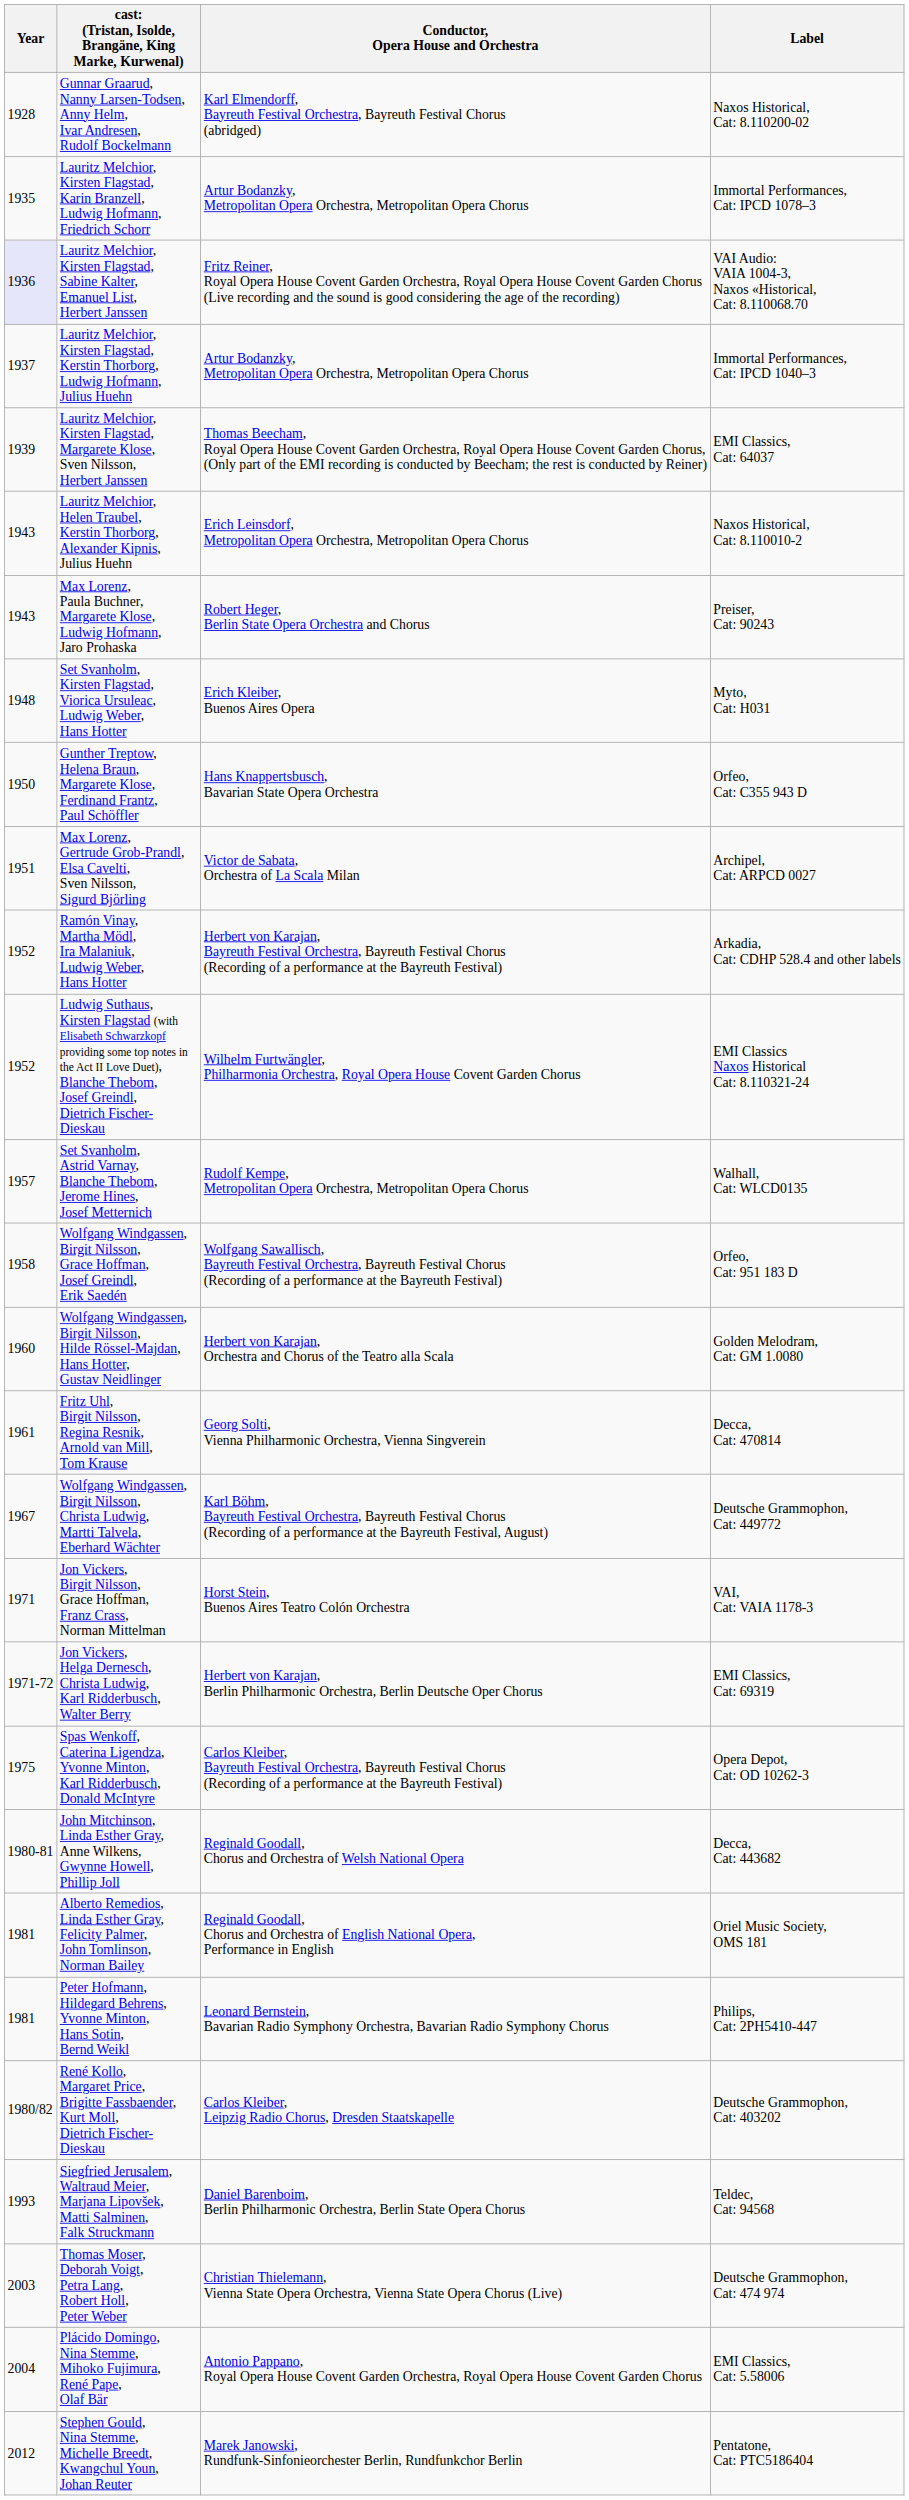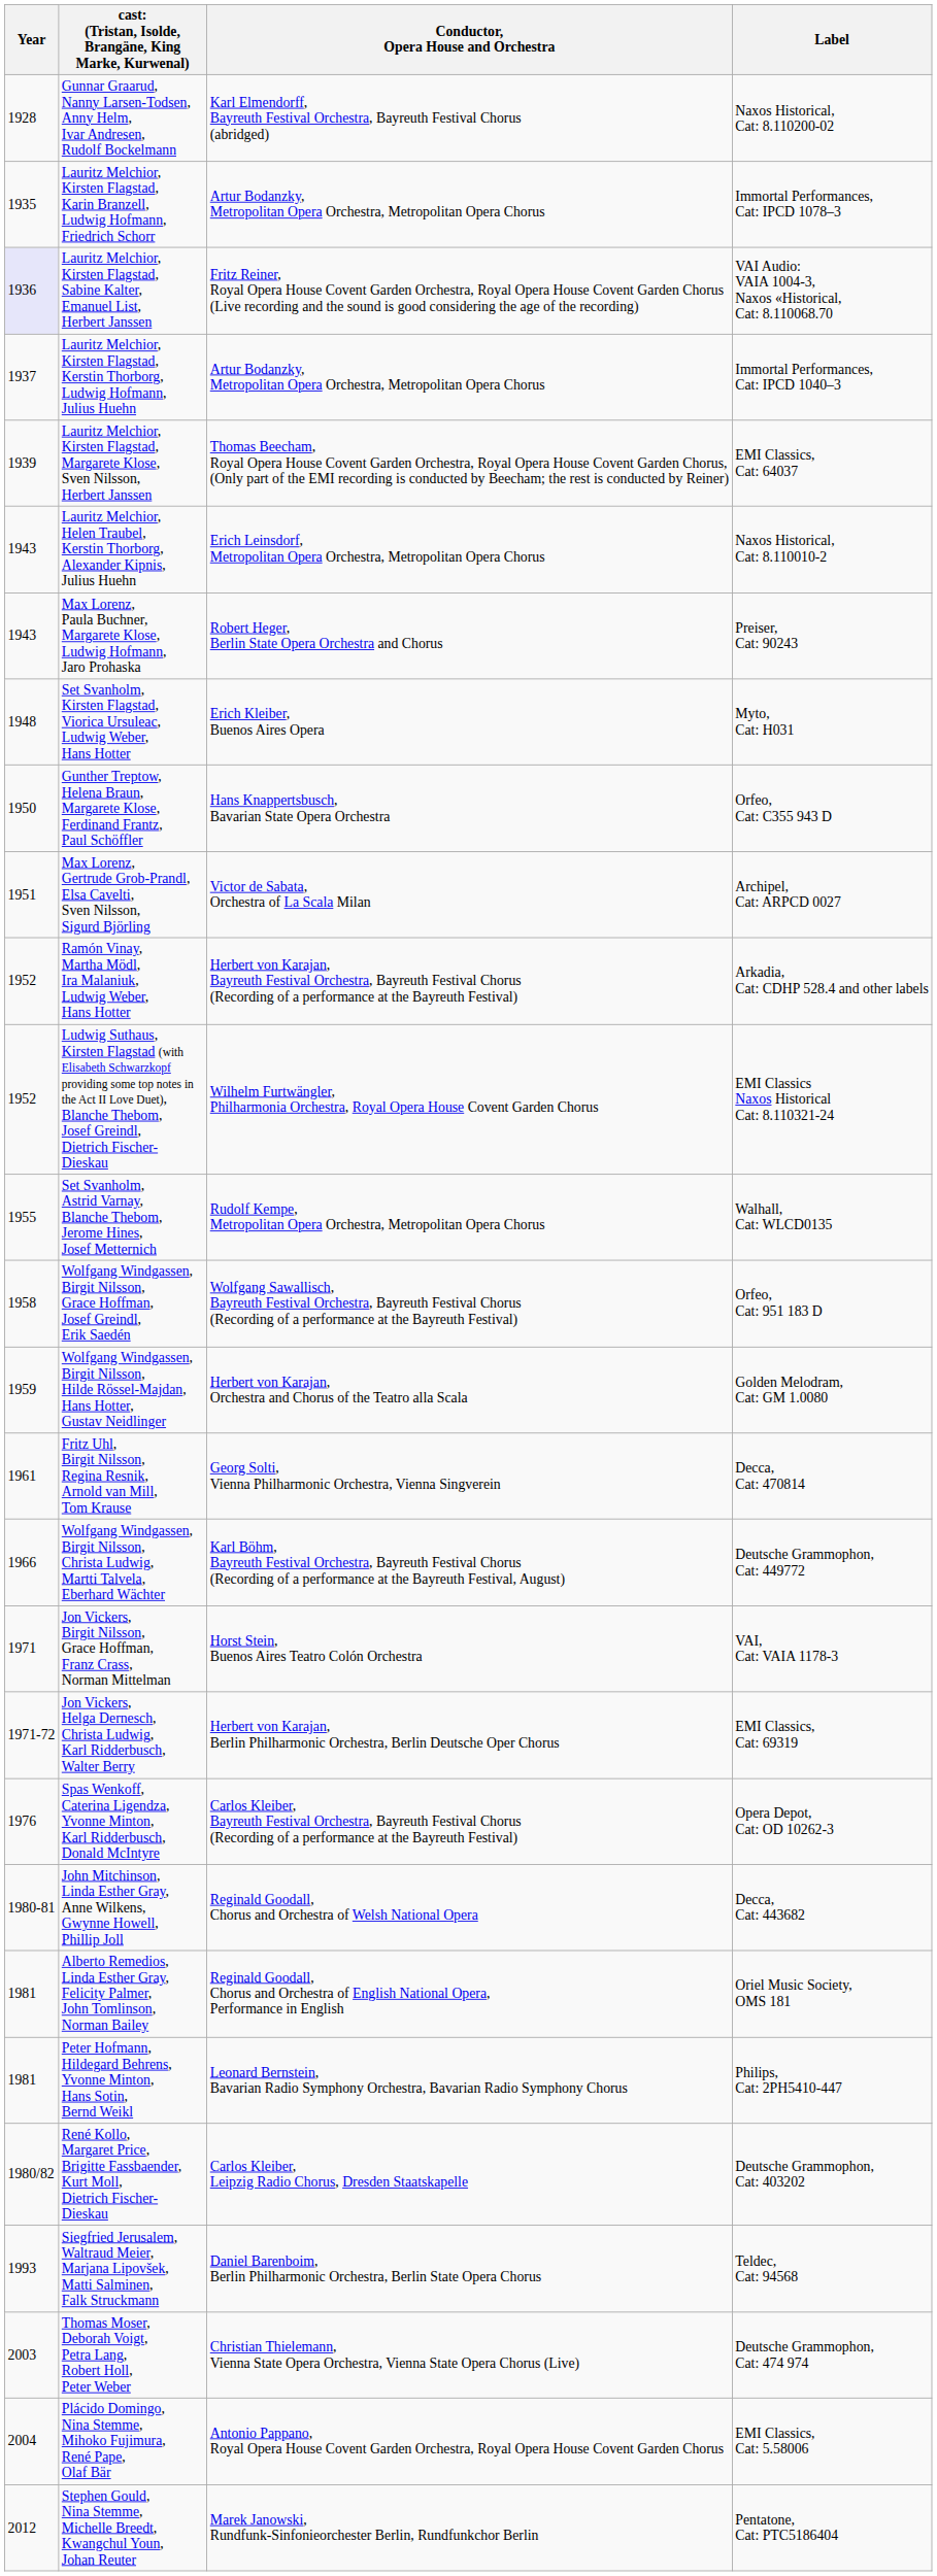 <table class="wikitable">
 <tr>
 <th>Year</th>
 <th width="160">cast:<br>(Tristan, Isolde, Brangäne, King Marke, Kurwenal)</th>
 <th>Conductor,<br>Opera House and Orchestra</th>
 <th>Label</th>
 </tr>
 <tr>
 <td>1928</td>
 <td><a href='#'>Gunnar Graarud</a>,<br><a href='#'>Nanny Larsen-Todsen</a>,<br><a href='#'>Anny Helm</a>,<br><a href='#'>Ivar Andresen</a>,<br><a href='#'>Rudolf Bockelmann</a></td>
 <td><a href='#'>Karl Elmendorff</a>,<br><a href='#'>Bayreuth Festival Orchestra</a>, Bayreuth Festival Chorus<br>(abridged)</td>
 <td>Naxos Historical,<br>Cat: 8.110200-02</td>
 </tr>
 <tr>
 <td>1935</td>
 <td><a href='#'>Lauritz Melchior</a>,<br><a href='#'>Kirsten Flagstad</a>,<br><a href='#'>Karin Branzell</a>,<br><a href='#'>Ludwig Hofmann</a>,<br><a href='#'>Friedrich Schorr</a></td>
 <td><a href='#'>Artur Bodanzky</a>,<br><a href='#'>Metropolitan Opera</a> Orchestra, Metropolitan Opera Chorus</td>
 <td>Immortal Performances,<br>Cat: IPCD 1078–3</td>
 </tr>
 <tr>
 <td style="background: lavender;">1936</td>
 <td><a href='#'>Lauritz Melchior</a>,<br><a href='#'>Kirsten Flagstad</a>,<br><a href='#'>Sabine Kalter</a>,<br><a href='#'>Emanuel List</a>,<br><a href='#'>Herbert Janssen</a></td>
 <td><a href='#'>Fritz Reiner</a>,<br>Royal Opera House Covent Garden Orchestra, Royal Opera House Covent Garden Chorus<br>(Live recording and the sound is good considering the age of the recording)</td>
 <td>VAI Audio:<br>VAIA 1004-3,<br>Naxos «Historical,<br>Cat: 8.110068.70</td>
 </tr>
 <tr>
 <td>1937</td>
 <td><a href='#'>Lauritz Melchior</a>,<br><a href='#'>Kirsten Flagstad</a>,<br><a href='#'>Kerstin Thorborg</a>,<br><a href='#'>Ludwig Hofmann</a>,<br><a href='#'>Julius Huehn</a></td>
 <td><a href='#'>Artur Bodanzky</a>,<br><a href='#'>Metropolitan Opera</a> Orchestra, Metropolitan Opera Chorus</td>
 <td>Immortal Performances,<br>Cat: IPCD 1040–3</td>
 </tr>
 <tr>
 <td>1939</td>
 <td><a href='#'>Lauritz Melchior</a>,<br><a href='#'>Kirsten Flagstad</a>,<br><a href='#'>Margarete Klose</a>,<br>Sven Nilsson,<br><a href='#'>Herbert Janssen</a></td>
 <td><a href='#'>Thomas Beecham</a>,<br>Royal Opera House Covent Garden Orchestra, Royal Opera House Covent Garden Chorus,<br>(Only part of the EMI recording is conducted by Beecham; the rest is conducted by Reiner)</td>
 <td>EMI Classics,<br>Cat: 64037</td>
 </tr>
 <tr>
 <td>1943</td>
 <td><a href='#'>Lauritz Melchior</a>,<br><a href='#'>Helen Traubel</a>,<br><a href='#'>Kerstin Thorborg</a>,<br><a href='#'>Alexander Kipnis</a>,<br>Julius Huehn</td>
 <td><a href='#'>Erich Leinsdorf</a>,<br><a href='#'>Metropolitan Opera</a> Orchestra, Metropolitan Opera Chorus</td>
 <td>Naxos Historical,<br>Cat: 8.110010-2</td>
 </tr>
 <tr>
 <td>1943</td>
 <td><a href='#'>Max Lorenz</a>,<br>Paula Buchner,<br><a href='#'>Margarete Klose</a>,<br><a href='#'>Ludwig Hofmann</a>,<br>Jaro Prohaska</td>
 <td><a href='#'>Robert Heger</a>,<br><a href='#'>Berlin State Opera Orchestra</a> and Chorus</td>
 <td>Preiser,<br>Cat: 90243</td>
 </tr>
 <tr>
 <td>1948</td>
 <td><a href='#'>Set Svanholm</a>,<br><a href='#'>Kirsten Flagstad</a>,<br><a href='#'>Viorica Ursuleac</a>,<br><a href='#'>Ludwig Weber</a>,<br><a href='#'>Hans Hotter</a></td>
 <td><a href='#'>Erich Kleiber</a>,<br>Buenos Aires Opera</td>
 <td>Myto,<br>Cat: H031</td>
 </tr>
 <tr>
 <td>1950</td>
 <td><a href='#'>Gunther Treptow</a>,<br><a href='#'>Helena Braun</a>,<br><a href='#'>Margarete Klose</a>,<br><a href='#'>Ferdinand Frantz</a>,<br><a href='#'>Paul Schöffler</a></td>
 <td><a href='#'>Hans Knappertsbusch</a>,<br>Bavarian State Opera Orchestra</td>
 <td>Orfeo,<br>Cat: C355 943 D</td>
 </tr>
 <tr>
 <td>1951</td>
 <td><a href='#'>Max Lorenz</a>,<br><a href='#'>Gertrude Grob-Prandl</a>,<br><a href='#'>Elsa Cavelti</a>,<br>Sven Nilsson,<br><a href='#'>Sigurd Björling</a></td>
 <td><a href='#'>Victor de Sabata</a>,<br>Orchestra of <a href='#'>La Scala</a> Milan</td>
 <td>Archipel,<br>Cat: ARPCD 0027</td>
 </tr>
 <tr>
 <td>1952</td>
 <td><a href='#'>Ramón Vinay</a>,<br><a href='#'>Martha Mödl</a>,<br><a href='#'>Ira Malaniuk</a>,<br><a href='#'>Ludwig Weber</a>,<br><a href='#'>Hans Hotter</a></td>
 <td><a href='#'>Herbert von Karajan</a>,<br><a href='#'>Bayreuth Festival Orchestra</a>, Bayreuth Festival Chorus<br>(Recording of a performance at the Bayreuth Festival)</td>
 <td>Arkadia,<br>Cat: CDHP 528.4 and other labels</td>
 </tr>
 <tr>
 <td>1952</td>
 <td><a href='#'>Ludwig Suthaus</a>,<br><a href='#'>Kirsten Flagstad</a> <small>(with <a href='#'>Elisabeth Schwarzkopf</a> providing some top notes in the Act II Love Duet)</small>,<br><a href='#'>Blanche Thebom</a>,<br><a href='#'>Josef Greindl</a>,<br><a href='#'>Dietrich Fischer-Dieskau</a></td>
 <td><a href='#'>Wilhelm Furtwängler</a>,<br><a href='#'>Philharmonia Orchestra</a>, <a href='#'>Royal Opera House</a> Covent Garden Chorus</td>
 <td>EMI Classics <br><a href='#'>Naxos</a> Historical<br>Cat: 8.110321-24</td>
 </tr>
 <tr>
-<td>1957</td>
+<td>1955</td>
 <td><a href='#'>Set Svanholm</a>,<br><a href='#'>Astrid Varnay</a>,<br><a href='#'>Blanche Thebom</a>,<br><a href='#'>Jerome Hines</a>,<br><a href='#'>Josef Metternich</a></td>
 <td><a href='#'>Rudolf Kempe</a>,<br><a href='#'>Metropolitan Opera</a> Orchestra, Metropolitan Opera Chorus</td>
 <td>Walhall,<br>Cat: WLCD0135</td>
 </tr>
 <tr>
 <td>1958</td>
 <td><a href='#'>Wolfgang Windgassen</a>,<br><a href='#'>Birgit Nilsson</a>,<br><a href='#'>Grace Hoffman</a>,<br><a href='#'>Josef Greindl</a>,<br><a href='#'>Erik Saedén</a></td>
 <td><a href='#'>Wolfgang Sawallisch</a>,<br><a href='#'>Bayreuth Festival Orchestra</a>, Bayreuth Festival Chorus<br>(Recording of a performance at the Bayreuth Festival)</td>
 <td>Orfeo,<br>Cat: 951 183 D</td>
 </tr>
 <tr>
-<td>1960</td>
+<td>1959</td>
 <td><a href='#'>Wolfgang Windgassen</a>,<br><a href='#'>Birgit Nilsson</a>,<br><a href='#'>Hilde Rössel-Majdan</a>,<br><a href='#'>Hans Hotter</a>,<br><a href='#'>Gustav Neidlinger</a></td>
 <td><a href='#'>Herbert von Karajan</a>,<br>Orchestra and Chorus of the Teatro alla Scala</td>
 <td>Golden Melodram,<br>Cat: GM 1.0080</td>
 </tr>
 <tr>
 <td>1961</td>
 <td><a href='#'>Fritz Uhl</a>,<br><a href='#'>Birgit Nilsson</a>,<br><a href='#'>Regina Resnik</a>,<br><a href='#'>Arnold van Mill</a>,<br><a href='#'>Tom Krause</a></td>
 <td><a href='#'>Georg Solti</a>,<br>Vienna Philharmonic Orchestra, Vienna Singverein</td>
 <td>Decca,<br>Cat: 470814</td>
 </tr>
 <tr>
-<td>1967</td>
+<td>1966</td>
 <td><a href='#'>Wolfgang Windgassen</a>,<br><a href='#'>Birgit Nilsson</a>,<br><a href='#'>Christa Ludwig</a>,<br><a href='#'>Martti Talvela</a>,<br><a href='#'>Eberhard Wächter</a></td>
 <td><a href='#'>Karl Böhm</a>,<br><a href='#'>Bayreuth Festival Orchestra</a>, Bayreuth Festival Chorus<br>(Recording of a performance at the Bayreuth Festival, August)</td>
 <td>Deutsche Grammophon,<br>Cat: 449772</td>
 </tr>
 <tr>
 <td>1971</td>
 <td><a href='#'>Jon Vickers</a>,<br><a href='#'>Birgit Nilsson</a>,<br>Grace Hoffman,<br><a href='#'>Franz Crass</a>,<br>Norman Mittelman</td>
 <td><a href='#'>Horst Stein</a>,<br>Buenos Aires Teatro Colón Orchestra</td>
 <td>VAI,<br>Cat: VAIA 1178-3</td>
 </tr>
 <tr>
 <td>1971-72</td>
 <td><a href='#'>Jon Vickers</a>,<br><a href='#'>Helga Dernesch</a>,<br><a href='#'>Christa Ludwig</a>,<br><a href='#'>Karl Ridderbusch</a>,<br><a href='#'>Walter Berry</a></td>
 <td><a href='#'>Herbert von Karajan</a>,<br>Berlin Philharmonic Orchestra, Berlin Deutsche Oper Chorus</td>
 <td>EMI Classics,<br>Cat: 69319</td>
 </tr>
 <tr>
-<td>1975</td>
+<td>1976</td>
 <td><a href='#'>Spas Wenkoff</a>,<br><a href='#'>Caterina Ligendza</a>,<br><a href='#'>Yvonne Minton</a>,<br><a href='#'>Karl Ridderbusch</a>,<br><a href='#'>Donald McIntyre</a></td>
 <td><a href='#'>Carlos Kleiber</a>,<br><a href='#'>Bayreuth Festival Orchestra</a>, Bayreuth Festival Chorus<br>(Recording of a performance at the Bayreuth Festival)</td>
 <td>Opera Depot,<br>Cat: OD 10262-3</td>
 </tr>
 <tr>
 <td>1980-81</td>
 <td><a href='#'>John Mitchinson</a>,<br><a href='#'>Linda Esther Gray</a>,<br>Anne Wilkens,<br><a href='#'>Gwynne Howell</a>,<br><a href='#'>Phillip Joll</a></td>
 <td><a href='#'>Reginald Goodall</a>,<br>Chorus and Orchestra of <a href='#'>Welsh National Opera</a></td>
 <td>Decca,<br>Cat: 443682</td>
 </tr>
 <tr>
 <td>1981</td>
 <td><a href='#'>Alberto Remedios</a>,<br><a href='#'>Linda Esther Gray</a>,<br><a href='#'>Felicity Palmer</a>,<br><a href='#'>John Tomlinson</a>,<br><a href='#'>Norman Bailey</a></td>
 <td><a href='#'>Reginald Goodall</a>,<br>Chorus and Orchestra of <a href='#'>English National Opera</a>,<br>Performance in English</td>
 <td>Oriel Music Society,<br>OMS 181</td>
 </tr>
 <tr>
 <td>1981</td>
 <td><a href='#'>Peter Hofmann</a>,<br><a href='#'>Hildegard Behrens</a>,<br><a href='#'>Yvonne Minton</a>,<br><a href='#'>Hans Sotin</a>,<br><a href='#'>Bernd Weikl</a></td>
 <td><a href='#'>Leonard Bernstein</a>,<br>Bavarian Radio Symphony Orchestra, Bavarian Radio Symphony Chorus</td>
 <td>Philips,<br>Cat: 2PH5410-447</td>
 </tr>
 <tr>
 <td>1980/82</td>
 <td><a href='#'>René Kollo</a>,<br><a href='#'>Margaret Price</a>,<br><a href='#'>Brigitte Fassbaender</a>,<br><a href='#'>Kurt Moll</a>,<br><a href='#'>Dietrich Fischer-Dieskau</a></td>
 <td><a href='#'>Carlos Kleiber</a>,<br><a href='#'>Leipzig Radio Chorus</a>, <a href='#'>Dresden Staatskapelle</a></td>
 <td>Deutsche Grammophon,<br>Cat: 403202</td>
 </tr>
 <tr>
 <td>1993</td>
 <td><a href='#'>Siegfried Jerusalem</a>,<br><a href='#'>Waltraud Meier</a>,<br><a href='#'>Marjana Lipovšek</a>,<br><a href='#'>Matti Salminen</a>, <br><a href='#'>Falk Struckmann</a></td>
 <td><a href='#'>Daniel Barenboim</a>,<br>Berlin Philharmonic Orchestra, Berlin State Opera Chorus</td>
 <td>Teldec,<br>Cat: 94568</td>
 </tr>
 <tr>
 <td>2003</td>
 <td><a href='#'>Thomas Moser</a>,<br><a href='#'>Deborah Voigt</a>,<br><a href='#'>Petra Lang</a>,<br><a href='#'>Robert Holl</a>,<br><a href='#'>Peter Weber</a></td>
 <td><a href='#'>Christian Thielemann</a>,<br>Vienna State Opera Orchestra, Vienna State Opera Chorus (Live)</td>
 <td>Deutsche Grammophon,<br>Cat: 474 974</td>
 </tr>
 <tr>
 <td>2004</td>
 <td><a href='#'>Plácido Domingo</a>,<br><a href='#'>Nina Stemme</a>,<br><a href='#'>Mihoko Fujimura</a>,<br><a href='#'>René Pape</a>,<br><a href='#'>Olaf Bär</a></td>
 <td><a href='#'>Antonio Pappano</a>,<br>Royal Opera House Covent Garden Orchestra, Royal Opera House Covent Garden Chorus</td>
 <td>EMI Classics,<br>Cat: 5.58006</td>
 </tr>
 <tr>
 <td>2012</td>
 <td><a href='#'>Stephen Gould</a>,<br><a href='#'>Nina Stemme</a>,<br><a href='#'>Michelle Breedt</a>,<br><a href='#'>Kwangchul Youn</a>,<br><a href='#'>Johan Reuter</a></td>
 <td><a href='#'>Marek Janowski</a>,<br>Rundfunk-Sinfonieorchester Berlin, Rundfunkchor Berlin</td>
 <td>Pentatone,<br>Cat: PTC5186404</td>
 </tr>
 </table>
